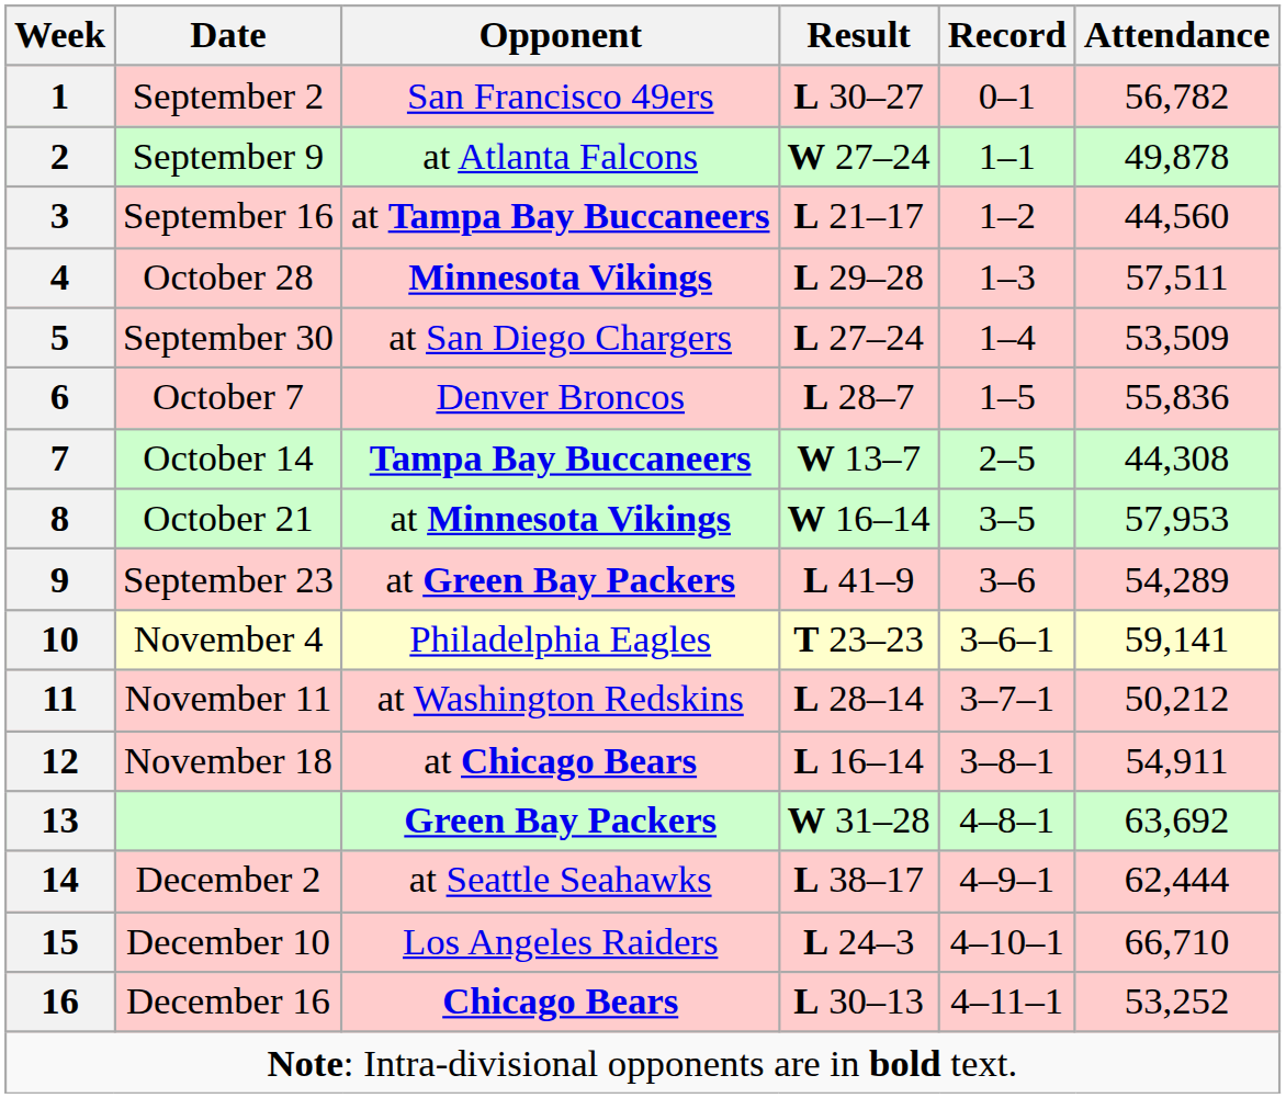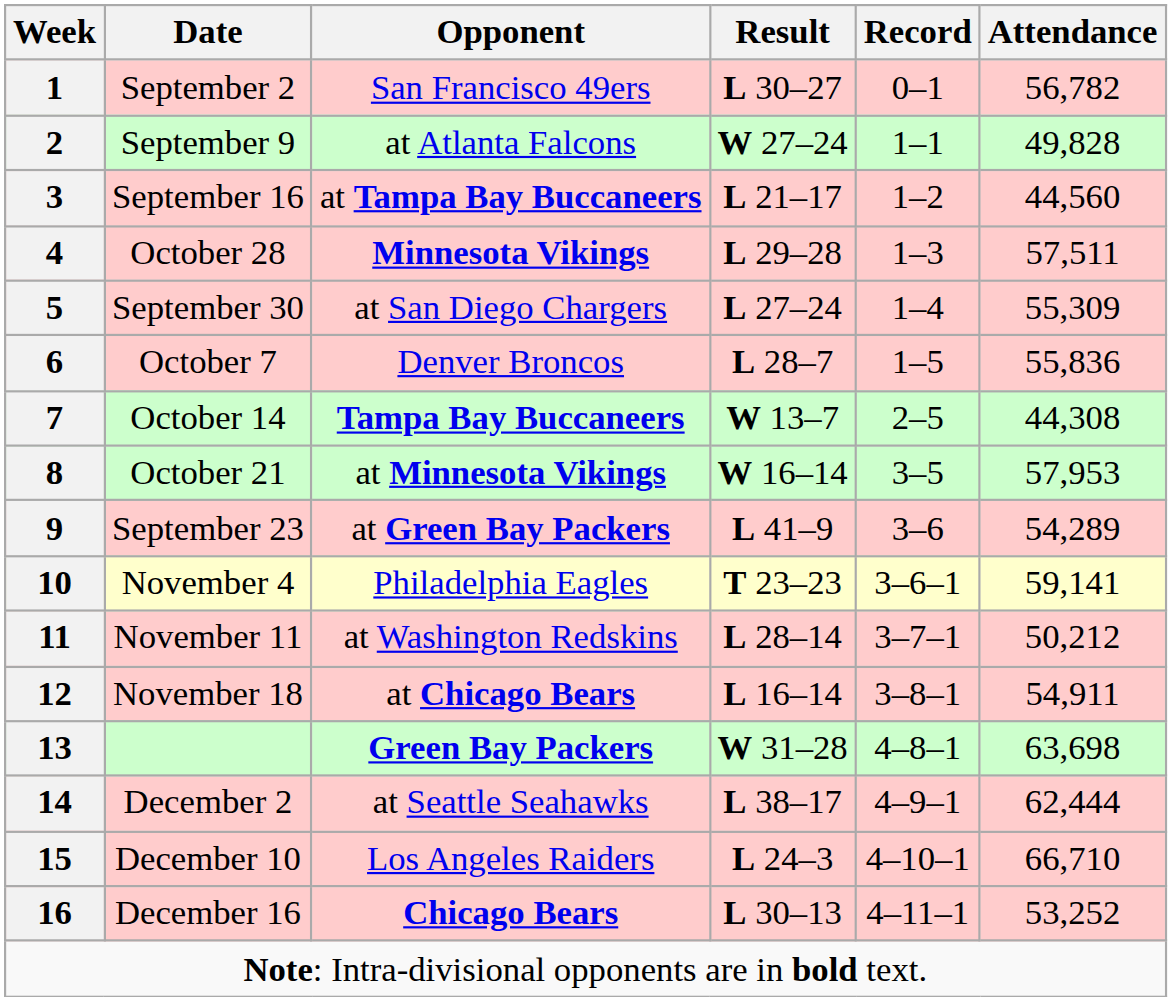 <table class="wikitable" style="text-align:center">
 <tr>
 <th>Week</th>
 <th>Date</th>
 <th>Opponent</th>
 <th>Result</th>
 <th>Record</th>
 <th>Attendance</th>
 </tr>
 <tr style="background: #fcc;">
 <th>1</th>
 <td>September 2</td>
 <td><a href='#'>San Francisco 49ers</a></td>
 <td><strong>L</strong> 30–27</td>
 <td>0–1</td>
 <td>56,782</td>
 </tr>
 <tr style="background: #cfc;">
 <th>2</th>
 <td>September 9</td>
 <td>at <a href='#'>Atlanta Falcons</a></td>
 <td><strong>W</strong> 27–24 </td>
 <td>1–1</td>
-<td>49,878</td>
+<td>49,828</td>
 </tr>
 <tr style="background: #fcc;">
 <th>3</th>
 <td>September 16</td>
 <td>at <strong><a href='#'>Tampa Bay Buccaneers</a></strong></td>
 <td><strong>L</strong> 21–17</td>
 <td>1–2</td>
 <td>44,560</td>
 </tr>
 <tr style="background: #fcc;">
 <th>4</th>
 <td>October 28</td>
 <td><strong><a href='#'>Minnesota Vikings</a></strong></td>
 <td><strong>L</strong> 29–28</td>
 <td>1–3</td>
 <td>57,511</td>
 </tr>
 <tr style="background: #fcc;">
 <th>5</th>
 <td>September 30</td>
 <td>at <a href='#'>San Diego Chargers</a></td>
 <td><strong>L</strong> 27–24</td>
 <td>1–4</td>
-<td>53,509</td>
+<td>55,309</td>
 </tr>
 <tr style="background: #fcc;">
 <th>6</th>
 <td>October 7</td>
 <td><a href='#'>Denver Broncos</a></td>
 <td><strong>L</strong> 28–7</td>
 <td>1–5</td>
 <td>55,836</td>
 </tr>
 <tr style="background: #cfc;">
 <th>7</th>
 <td>October 14</td>
 <td><strong><a href='#'>Tampa Bay Buccaneers</a></strong></td>
 <td><strong>W</strong> 13–7 </td>
 <td>2–5</td>
 <td>44,308</td>
 </tr>
 <tr style="background: #cfc;">
 <th>8</th>
 <td>October 21</td>
 <td>at <strong><a href='#'>Minnesota Vikings</a></strong></td>
 <td><strong>W</strong> 16–14</td>
 <td>3–5</td>
 <td>57,953</td>
 </tr>
 <tr style="background: #fcc;">
 <th>9</th>
 <td>September 23</td>
 <td>at <strong><a href='#'>Green Bay Packers</a></strong></td>
 <td><strong>L</strong> 41–9</td>
 <td>3–6</td>
 <td>54,289</td>
 </tr>
 <tr bgcolor="#ffc">
 <th>10</th>
 <td>November 4</td>
 <td><a href='#'>Philadelphia Eagles</a></td>
 <td><strong>T</strong> 23–23 </td>
 <td>3–6–1</td>
 <td>59,141</td>
 </tr>
 <tr style="background: #fcc;">
 <th>11</th>
 <td>November 11</td>
 <td>at <a href='#'>Washington Redskins</a></td>
 <td><strong>L</strong> 28–14</td>
 <td>3–7–1</td>
 <td>50,212</td>
 </tr>
 <tr style="background: #fcc;">
 <th>12</th>
 <td>November 18</td>
 <td>at <strong><a href='#'>Chicago Bears</a></strong></td>
 <td><strong>L</strong> 16–14</td>
 <td>3–8–1</td>
 <td>54,911</td>
 </tr>
 <tr style="background: #cfc;">
 <th>13</th>
 <td></td>
 <td><strong><a href='#'>Green Bay Packers</a></strong></td>
 <td><strong>W</strong> 31–28</td>
 <td>4–8–1</td>
-<td>63,692</td>
+<td>63,698</td>
 </tr>
 <tr style="background: #fcc;">
 <th>14</th>
 <td>December 2</td>
 <td>at <a href='#'>Seattle Seahawks</a></td>
 <td><strong>L</strong> 38–17</td>
 <td>4–9–1</td>
 <td>62,444</td>
 </tr>
 <tr style="background: #fcc;">
 <th>15</th>
 <td>December 10</td>
 <td><a href='#'>Los Angeles Raiders</a></td>
 <td><strong>L</strong> 24–3</td>
 <td>4–10–1</td>
 <td>66,710</td>
 </tr>
 <tr style="background: #fcc;">
 <th>16</th>
 <td>December 16</td>
 <td><strong><a href='#'>Chicago Bears</a></strong></td>
 <td><strong>L</strong> 30–13</td>
 <td>4–11–1</td>
 <td>53,252</td>
 </tr>
 <tr>
 <td colspan="6"><strong>Note</strong>: Intra-divisional opponents are in <strong>bold</strong> text.</td>
 </tr>
 </table>
